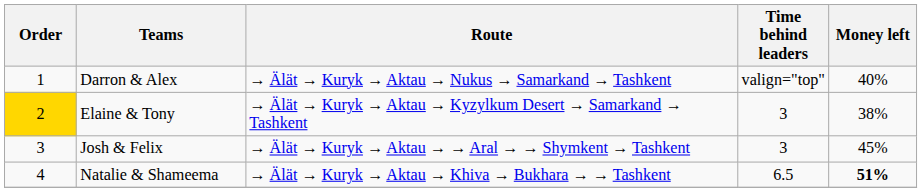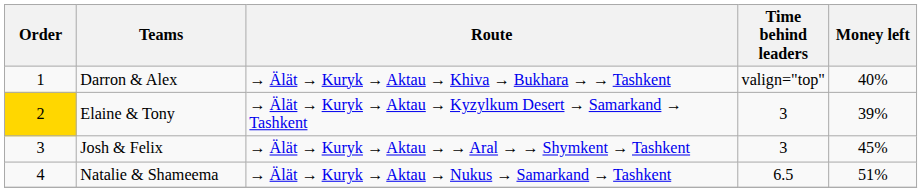 <table class="wikitable sortable" style="text-align:center">
 <tr>
 <th style="width:4em">Order</th>
 <th style="width:10em">Teams</th>
 <th style="width:30em">Route</th>
 <th style="width:5em">Time behind leaders</th>
 <th style="width:5em">Money left</th>
 </tr>
 <tr>
 <td>1</td>
 <td style="text-align:left">Darron & Alex</td>
-<td style="text-align:left"> → <a href='#'>Älät</a>  → <a href='#'>Kuryk</a>  → <a href='#'>Aktau</a>  → <a href='#'>Nukus</a>  → <a href='#'>Samarkand</a>  → <a href='#'>Tashkent</a></td>
+<td style="text-align:left"> → <a href='#'>Älät</a>  → <a href='#'>Kuryk</a>  → <a href='#'>Aktau</a>  → <a href='#'>Khiva</a>  → <a href='#'>Bukhara</a> →  → <a href='#'>Tashkent</a></td>
 <td>valign="top" </td>
 <td>40%</td>
 </tr>
 <tr>
 <td style="background: gold;">2</td>
 <td style="text-align:left">Elaine & Tony</td>
 <td style="text-align:left"> → <a href='#'>Älät</a>  → <a href='#'>Kuryk</a>  → <a href='#'>Aktau</a>  → <a href='#'>Kyzylkum Desert</a>   → <a href='#'>Samarkand</a>  → <a href='#'>Tashkent</a></td>
 <td>3</td>
-<td>38%</td>
+<td>39%</td>
 </tr>
 <tr>
 <td>3</td>
 <td style="text-align:left">Josh & Felix</td>
 <td style="text-align:left"> → <a href='#'>Älät</a>  → <a href='#'>Kuryk</a>  → <a href='#'>Aktau</a> →  → <a href='#'>Aral</a> →  → <a href='#'>Shymkent</a>   → <a href='#'>Tashkent</a></td>
 <td>3</td>
 <td>45%</td>
 </tr>
 <tr>
 <td>4</td>
 <td style="text-align:left">Natalie & Shameema</td>
-<td style="text-align:left"> → <a href='#'>Älät</a>  → <a href='#'>Kuryk</a>  → <a href='#'>Aktau</a>  → <a href='#'>Khiva</a>  → <a href='#'>Bukhara</a> →  → <a href='#'>Tashkent</a></td>
+<td style="text-align:left"> → <a href='#'>Älät</a>  → <a href='#'>Kuryk</a>  → <a href='#'>Aktau</a>  → <a href='#'>Nukus</a>  → <a href='#'>Samarkand</a>  → <a href='#'>Tashkent</a></td>
 <td>6.5</td>
-<td><strong>51%</strong></td>
+<td>51%</td>
 </tr>
 <tr>
 </tr>
 </table>
